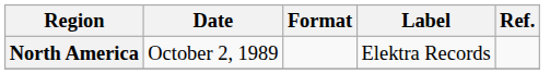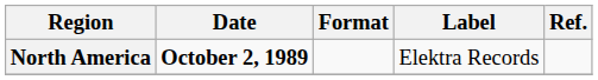 <table class="wikitable plainrowheaders">
 <tr>
 <th scope="col">Region</th>
 <th scope="col">Date</th>
 <th scope="col">Format</th>
 <th scope="col">Label</th>
 <th scope="col">Ref.</th>
 </tr>
 <tr>
 <th scope="row">North America</th>
-<td>October 2, 1989</td>
+<td><strong>October 2, 1989</strong></td>
 <td></td>
 <td>Elektra Records</td>
 <td></td>
 </tr>
 <tr>
 </tr>
 </table>
